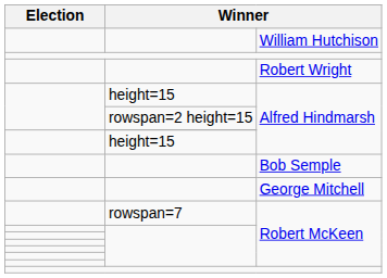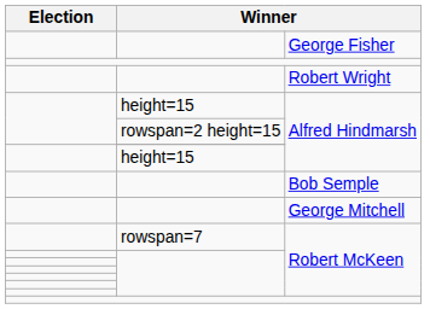 <table class=wikitable>
 <tr>
 <th width=100>Election</th>
 <th width=175 colspan= 2>Winner</th>
 </tr>
 <tr>
 <td></td>
 <td></td>
-<td><a href='#'>William Hutchison</a></td>
+<td><a href='#'>George Fisher</a></td>
 </tr>
 <tr>
 <td colspan=3 align=center></td>
 </tr>
 <tr>
 <td></td>
 <td></td>
 <td><a href='#'>Robert Wright</a></td>
 </tr>
 <tr>
 <td rowspan=2></td>
 <td>height=15 </td>
 <td rowspan=4><a href='#'>Alfred Hindmarsh</a></td>
 </tr>
 <tr>
 <td>rowspan=2 height=15 </td>
 </tr>
 <tr>
 <td rowspan=2></td>
 </tr>
 <tr>
 <td>height=15 </td>
 </tr>
 <tr>
 <td></td>
 <td></td>
 <td><a href='#'>Bob Semple</a></td>
 </tr>
 <tr>
 <td></td>
 <td></td>
 <td><a href='#'>George Mitchell</a></td>
 </tr>
 <tr>
 <td></td>
 <td>rowspan=7 </td>
 <td rowspan=7><a href='#'>Robert McKeen</a></td>
 </tr>
 <tr>
 <td></td>
 </tr>
 <tr>
 <td></td>
 </tr>
 <tr>
 <td></td>
 </tr>
 <tr>
 <td></td>
 </tr>
 <tr>
 <td></td>
 </tr>
 <tr>
 <td></td>
 </tr>
 <tr>
 <td colspan=3 align=center></td>
 </tr>
 </table>
